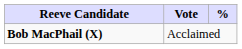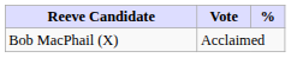 <table class="wikitable">
 <tr>
 <th style="background:#ddf; width:200px;">Reeve Candidate</th>
 <th style="background:#ddf; width:50px;">Vote</th>
 <th style="background:#ddf; width:30px;">%</th>
 </tr>
 <tr>
-<td><strong>Bob MacPhail (X)</strong></td>
+<td>Bob MacPhail (X)</td>
 <td colspan="2">Acclaimed</td>
 </tr>
 </table>
